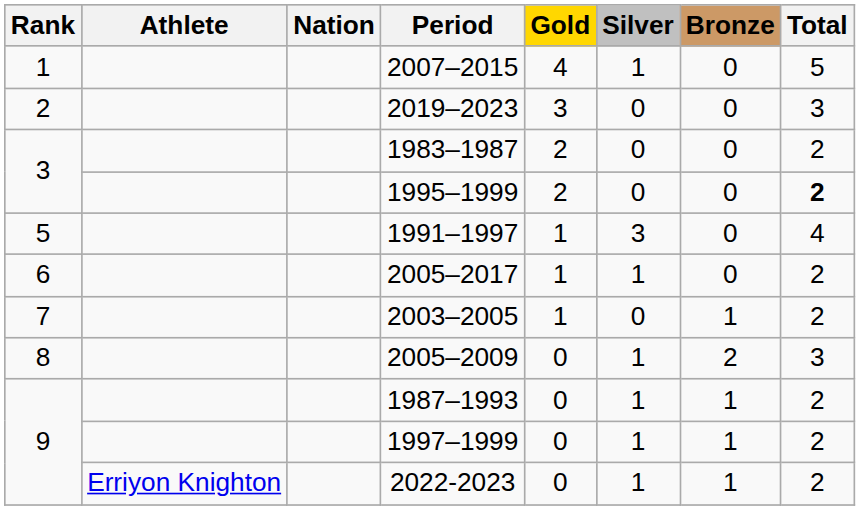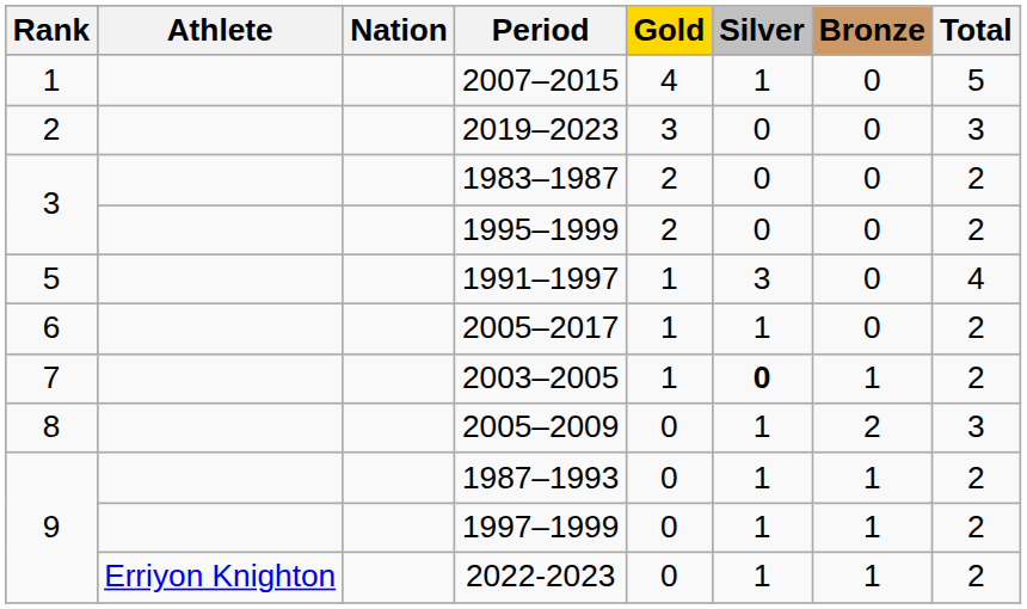 <table class="wikitable sortable" style="text-align:center">
 <tr>
 <th>Rank</th>
 <th>Athlete</th>
 <th>Nation</th>
 <th>Period</th>
 <th style="background-color:gold">Gold</th>
 <th style="background-color:silver">Silver</th>
 <th style="background-color:#cc9966">Bronze</th>
 <th>Total</th>
 </tr>
 <tr>
 <td>1</td>
 <td align=left></td>
 <td align=left></td>
 <td>2007–2015</td>
 <td>4</td>
 <td>1</td>
 <td>0</td>
 <td>5</td>
 </tr>
 <tr>
 <td>2</td>
 <td align="left"></td>
 <td align="left"></td>
 <td>2019–2023</td>
 <td>3</td>
 <td>0</td>
 <td>0</td>
 <td>3</td>
 </tr>
 <tr>
 <td rowspan="2">3</td>
 <td align="left"></td>
 <td align="left"></td>
 <td>1983–1987</td>
 <td>2</td>
 <td>0</td>
 <td>0</td>
 <td>2</td>
 </tr>
 <tr>
 <td align="left"></td>
 <td align="left"></td>
 <td>1995–1999</td>
 <td>2</td>
 <td>0</td>
 <td>0</td>
-<td><strong>2</strong></td>
+<td>2</td>
 </tr>
 <tr>
 <td>5</td>
 <td align=left></td>
 <td align=left></td>
 <td>1991–1997</td>
 <td>1</td>
 <td>3</td>
 <td>0</td>
 <td>4</td>
 </tr>
 <tr>
 <td>6</td>
 <td align=left></td>
 <td align=left></td>
 <td>2005–2017</td>
 <td>1</td>
 <td>1</td>
 <td>0</td>
 <td>2</td>
 </tr>
 <tr>
 <td>7</td>
 <td align=left></td>
 <td align=left></td>
 <td>2003–2005</td>
 <td>1</td>
-<td>0</td>
+<td><strong>0</strong></td>
 <td>1</td>
 <td>2</td>
 </tr>
 <tr>
 <td>8</td>
 <td align=left></td>
 <td align=left></td>
 <td>2005–2009</td>
 <td>0</td>
 <td>1</td>
 <td>2</td>
 <td>3</td>
 </tr>
 <tr>
 <td rowspan="3">9</td>
 <td align="left"></td>
 <td align=left></td>
 <td>1987–1993</td>
 <td>0</td>
 <td>1</td>
 <td>1</td>
 <td>2</td>
 </tr>
 <tr>
 <td align="left"></td>
 <td align=left></td>
 <td>1997–1999</td>
 <td>0</td>
 <td>1</td>
 <td>1</td>
 <td>2</td>
 </tr>
 <tr>
 <td align=left><a href='#'>Erriyon Knighton</a></td>
 <td></td>
 <td>2022-2023</td>
 <td>0</td>
 <td>1</td>
 <td>1</td>
 <td>2</td>
 </tr>
 </table>
